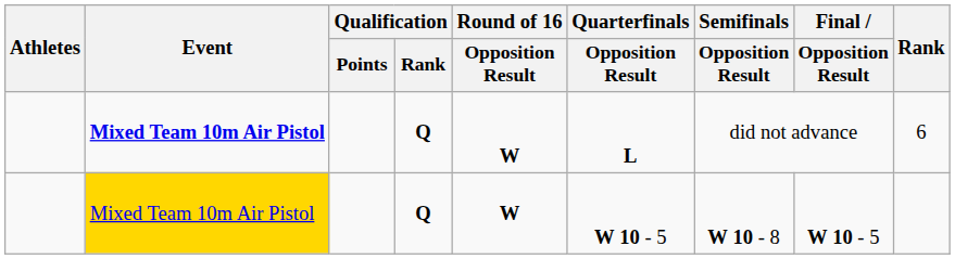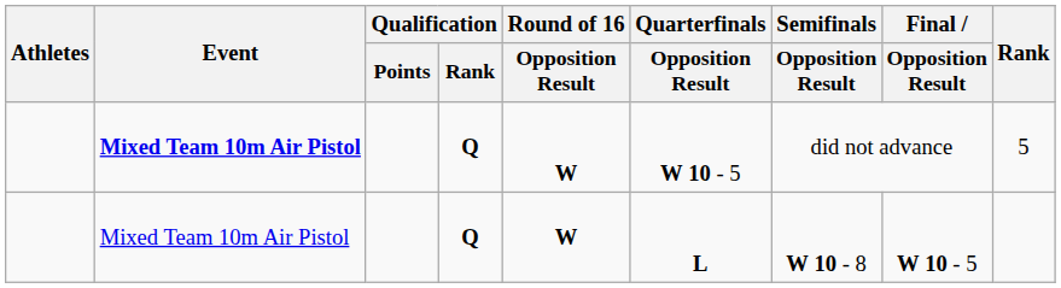 <table class="wikitable" style="font-size:90%;">
 <tr>
 <th rowspan=2>Athletes</th>
 <th rowspan=2>Event</th>
 <th colspan=2>Qualification</th>
 <th>Round of 16</th>
 <th>Quarterfinals</th>
 <th>Semifinals</th>
 <th>Final / </th>
 <th rowspan=2>Rank</th>
 </tr>
 <tr style="font-size:95%">
 <th>Points</th>
 <th>Rank</th>
 <th>Opposition<br>Result</th>
 <th>Opposition<br>Result</th>
 <th>Opposition<br>Result</th>
 <th>Opposition<br>Result</th>
 </tr>
 <tr align=center>
 <td align=left><br></td>
 <td align=left><strong><a href='#'>Mixed Team 10m Air Pistol</a></strong></td>
 <td></td>
 <td><strong>Q</strong></td>
 <td><br><br><strong>W</strong></td>
-<td><br><br><strong>L</strong></td>
+<td><br><br><strong>W</strong> <strong>10</strong> - 5</td>
 <td colspan=2>did not advance</td>
-<td>6</td>
+<td>5</td>
 </tr>
 <tr align=center>
 <td align=left><br></td>
-<td align=left style="background: gold;"><a href='#'>Mixed Team 10m Air Pistol</a></td>
+<td align=left><a href='#'>Mixed Team 10m Air Pistol</a></td>
 <td></td>
 <td><strong>Q</strong></td>
 <td><strong>W</strong></td>
-<td><br><br><strong>W</strong> <strong>10</strong> - 5</td>
+<td><br><br><strong>L</strong></td>
 <td><br><br><strong>W</strong> <strong>10</strong> - 8</td>
 <td><br> <br><strong>W</strong> <strong>10</strong> - 5</td>
 <td></td>
 </tr>
 </table>
